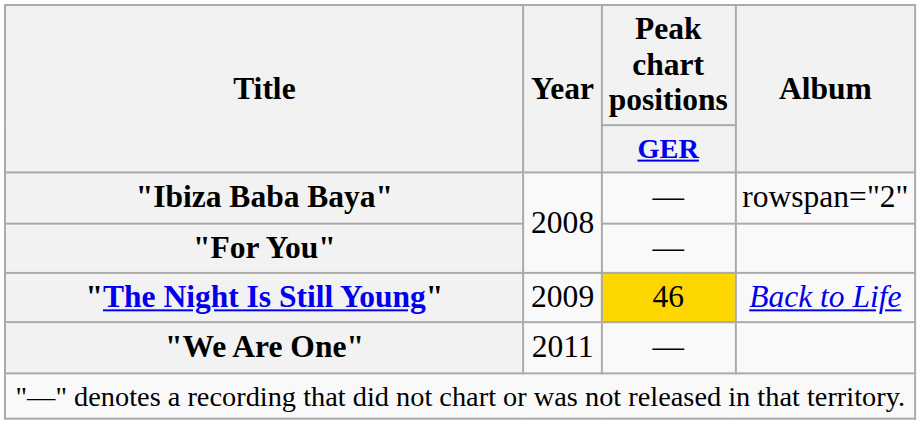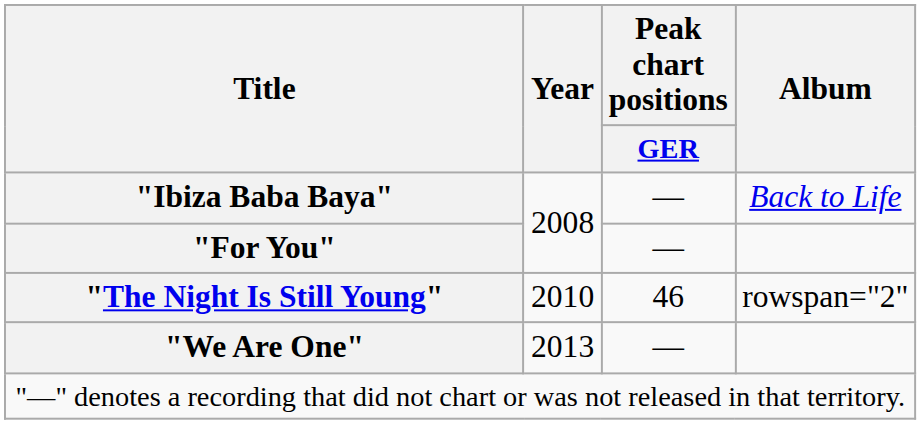 <table class="wikitable plainrowheaders" style="text-align:center;">
 <tr>
 <th scope="col" rowspan="2" style="width:16em;">Title</th>
 <th scope="col" rowspan="2" style="width:2em;">Year</th>
 <th scope="col" colspan="1">Peak chart positions</th>
 <th scope="col" rowspan="2">Album</th>
 </tr>
 <tr>
 <th scope="col" style="width:2.5em;font-size:90%;"><a href='#'>GER</a><br></th>
 </tr>
 <tr>
 <th scope="row">"Ibiza Baba Baya"<br></th>
 <td rowspan="2">2008</td>
 <td>—</td>
-<td>rowspan="2" </td>
+<td><em><a href='#'>Back to Life</a></em></td>
 </tr>
 <tr>
 <th scope="row">"For You"<br></th>
 <td>—</td>
 </tr>
 <tr>
 <th scope="row">"<a href='#'>The Night Is Still Young</a>"<br></th>
-<td>2009</td>
-<td style="background: gold;">46</td>
-<td><em><a href='#'>Back to Life</a></em></td>
+<td>2010</td>
+<td>46</td>
+<td>rowspan="2" </td>
 </tr>
 <tr>
 <th scope="row">"We Are One"<br></th>
-<td>2011</td>
+<td>2013</td>
 <td>—</td>
 <td></td>
 </tr>
 <tr>
 <td colspan="14" style="font-size:90%">"—" denotes a recording that did not chart or was not released in that territory.</td>
 </tr>
 </table>
